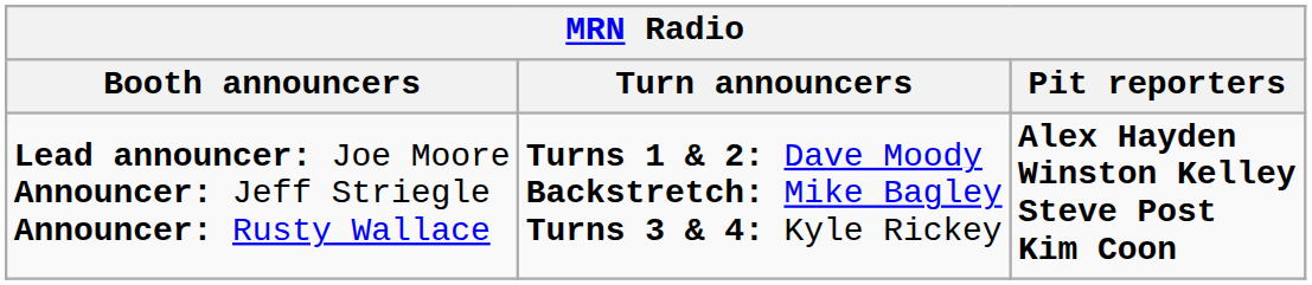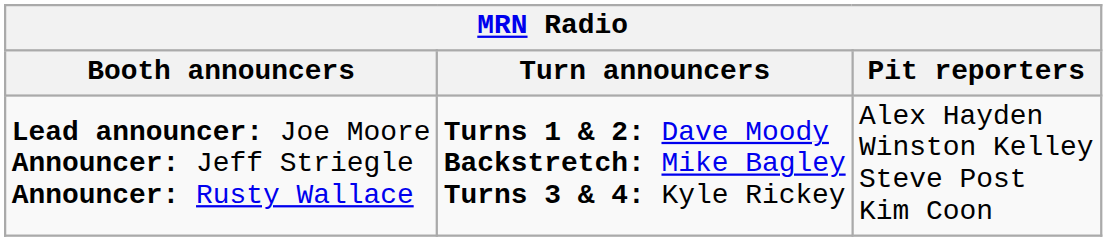 <table class="wikitable" style="font-size: 95%;">
 <tr>
 <th colspan="3"><a href='#'>MRN</a> Radio</th>
 </tr>
 <tr>
 <th>Booth announcers</th>
 <th>Turn announcers</th>
 <th>Pit reporters</th>
 </tr>
 <tr>
 <td><strong>Lead announcer:</strong> Joe Moore<br><strong>Announcer:</strong> Jeff Striegle<br><strong>Announcer:</strong> <a href='#'>Rusty Wallace</a></td>
 <td><strong>Turns 1 & 2:</strong> <a href='#'>Dave Moody</a><br><strong>Backstretch:</strong> <a href='#'>Mike Bagley</a><br><strong>Turns 3 & 4:</strong> Kyle Rickey</td>
-<td><strong>Alex Hayden<br>Winston Kelley<br>Steve Post<br>Kim Coon</strong></td>
+<td>Alex Hayden<br>Winston Kelley<br>Steve Post<br>Kim Coon</td>
 </tr>
 </table>
